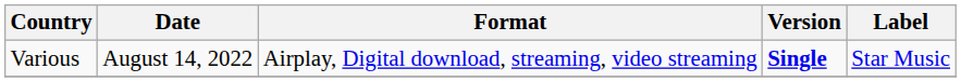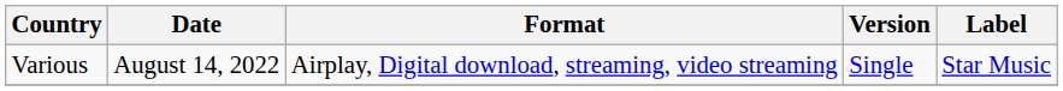 <table class="wikitable">
 <tr>
 <th>Country</th>
 <th>Date</th>
 <th>Format</th>
 <th>Version</th>
 <th>Label</th>
 </tr>
 <tr>
 <td rowspan="1">Various</td>
 <td>August 14, 2022</td>
 <td rowspan="1">Airplay, <a href='#'>Digital download</a>, <a href='#'>streaming</a>, <a href='#'>video streaming</a></td>
-<td><strong><a href='#'>Single</a></strong></td>
+<td><a href='#'>Single</a></td>
 <td rowspan="1"><a href='#'>Star Music</a></td>
 </tr>
 <tr>
 </tr>
 </table>
